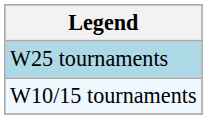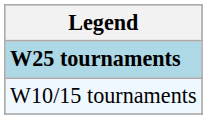 <table class="wikitable" style="font-size:85%">
 <tr>
 <th>Legend</th>
 </tr>
 <tr style="background:lightblue;">
-<td>W25 tournaments</td>
+<td><strong>W25 tournaments</strong></td>
 </tr>
 <tr style="background:#f0f8ff;">
 <td>W10/15 tournaments</td>
 </tr>
 </table>
